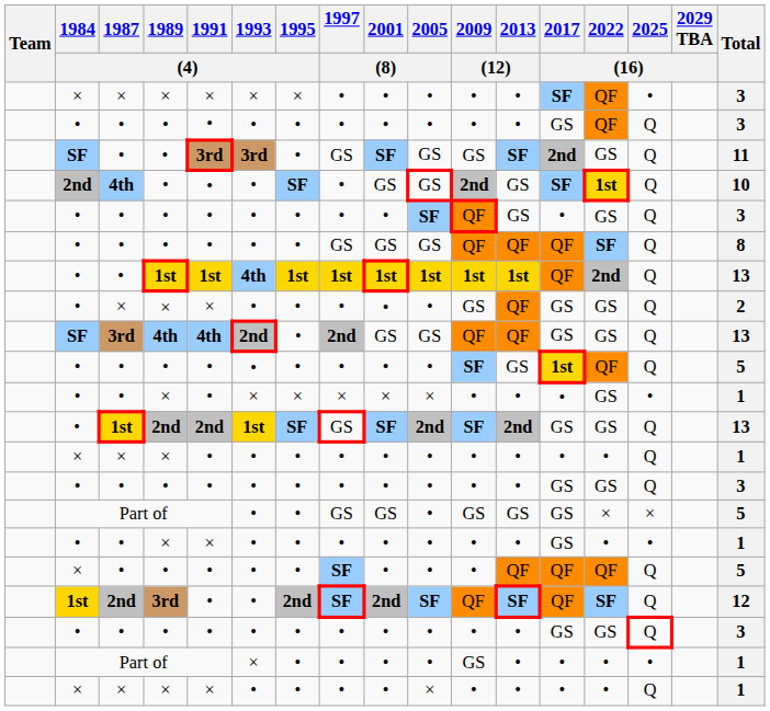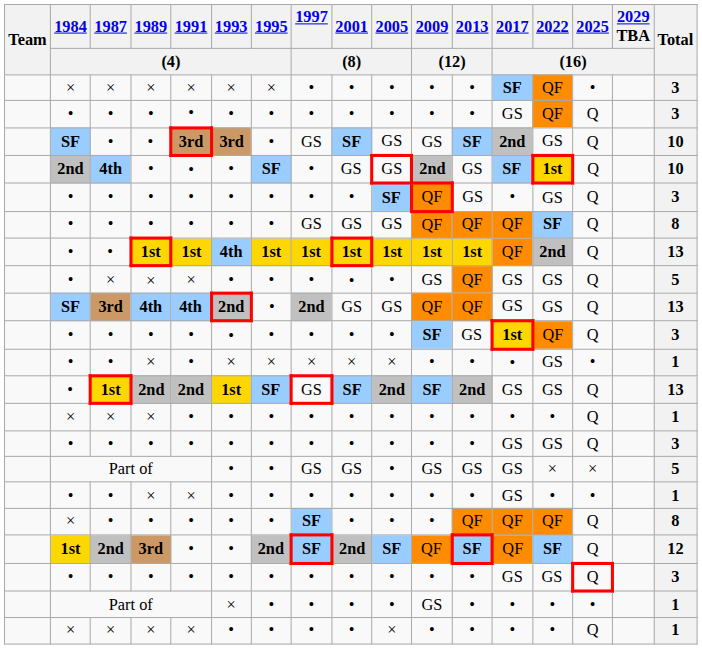 <table class="wikitable" style="text-align:center">
 <tr>
 <th rowspan=2>Team</th>
 <th><a href='#'>1984</a></th>
 <th><a href='#'>1987</a><br> </th>
 <th><a href='#'>1989</a><br> </th>
 <th><a href='#'>1991</a><br> </th>
 <th><a href='#'>1993</a><br> </th>
 <th><a href='#'>1995</a></th>
 <th><a href='#'>1997</a><br> <br></th>
 <th><a href='#'>2001</a><br> </th>
 <th><a href='#'>2005</a><br> </th>
 <th><a href='#'>2009</a><br> </th>
 <th><a href='#'>2013</a><br> </th>
 <th><a href='#'>2017</a><br> </th>
 <th><a href='#'>2022</a><br> </th>
 <th><a href='#'>2025</a><br> </th>
 <th><a href='#'>2029</a><br> TBA</th>
 <th rowspan=2>Total</th>
 </tr>
 <tr>
 <th colspan=6>(4)</th>
 <th colspan=3>(8)</th>
 <th colspan=2>(12)</th>
 <th colspan=4>(16)</th>
 </tr>
 <tr>
 <td align=left></td>
 <td>×</td>
 <td>×</td>
 <td>×</td>
 <td>×</td>
 <td>×</td>
 <td>×</td>
 <td>•</td>
 <td>•</td>
 <td>•</td>
 <td>•</td>
 <td>•</td>
 <td bgcolor=#9acdff><strong>SF</strong></td>
 <td bgcolor=#ff8b00>QF</td>
 <td>•</td>
 <td></td>
 <th>3</th>
 </tr>
 <tr>
 <td align=left></td>
 <td>•</td>
 <td>•</td>
 <td>•</td>
 <td>•</td>
 <td>•</td>
 <td>•</td>
 <td>•</td>
 <td>•</td>
 <td>•</td>
 <td>•</td>
 <td>•</td>
 <td>GS</td>
 <td bgcolor=#ff8b00>QF</td>
 <td>Q</td>
 <td></td>
 <th>3</th>
 </tr>
 <tr>
 <td align=left></td>
 <td bgcolor=#9acdff><strong>SF</strong></td>
 <td>•</td>
 <td>•</td>
 <td style="border:3px solid red" bgcolor=#cc9966><strong>3rd</strong></td>
 <td bgcolor=#cc9966><strong>3rd</strong></td>
 <td>•</td>
 <td>GS</td>
 <td bgcolor=#9acdff><strong>SF</strong></td>
 <td>GS</td>
 <td>GS</td>
 <td bgcolor=#9acdff><strong>SF</strong></td>
 <td bgcolor=Silver><strong>2nd</strong></td>
 <td>GS</td>
 <td>Q</td>
 <td></td>
-<th>11</th>
+<th>10</th>
 </tr>
 <tr>
 <td align=left></td>
 <td bgcolor=Silver><strong>2nd</strong></td>
 <td bgcolor=#9acdff><strong>4th</strong></td>
 <td>•</td>
 <td>•</td>
 <td>•</td>
 <td bgcolor=#9acdff><strong>SF</strong></td>
 <td>•</td>
 <td>GS</td>
 <td style="border:3px solid red">GS</td>
 <td bgcolor=Silver><strong>2nd</strong></td>
 <td>GS</td>
 <td bgcolor=#9acdff><strong>SF</strong></td>
 <td style="border:3px solid red" bgcolor=gold><strong>1st</strong></td>
 <td>Q</td>
 <td></td>
 <th>10</th>
 </tr>
 <tr>
 <td align=left></td>
 <td>•</td>
 <td>•</td>
 <td>•</td>
 <td>•</td>
 <td>•</td>
 <td>•</td>
 <td>•</td>
 <td>•</td>
 <td bgcolor=#9acdff><strong>SF</strong></td>
 <td style="border:3px solid red" bgcolor=#ff8b00>QF</td>
 <td>GS</td>
 <td>•</td>
 <td>GS</td>
 <td>Q</td>
 <td></td>
 <th>3</th>
 </tr>
 <tr>
 <td align=left></td>
 <td>•</td>
 <td>•</td>
 <td>•</td>
 <td>•</td>
 <td>•</td>
 <td>•</td>
 <td>GS</td>
 <td>GS</td>
 <td>GS</td>
 <td bgcolor=#ff8b00>QF</td>
 <td bgcolor=#ff8b00>QF</td>
 <td bgcolor=#ff8b00>QF</td>
 <td bgcolor=#9acdff><strong>SF</strong></td>
 <td>Q</td>
 <td></td>
 <th>8</th>
 </tr>
 <tr>
 <td align=left></td>
 <td>•</td>
 <td>•</td>
 <td style="border:3px solid red" bgcolor=Gold><strong>1st</strong></td>
 <td bgcolor=Gold><strong>1st</strong></td>
 <td bgcolor=#9acdff><strong>4th</strong></td>
 <td bgcolor=Gold><strong>1st</strong></td>
 <td bgcolor=Gold><strong>1st</strong></td>
 <td style="border:3px solid red" bgcolor=Gold><strong>1st</strong></td>
 <td bgcolor=Gold><strong>1st</strong></td>
 <td bgcolor=Gold><strong>1st</strong></td>
 <td bgcolor=Gold><strong>1st</strong></td>
 <td bgcolor=#ff8b00>QF</td>
 <td bgcolor=Silver><strong>2nd</strong></td>
 <td>Q</td>
 <td></td>
 <th>13</th>
 </tr>
 <tr>
 <td align=left></td>
 <td>•</td>
 <td>×</td>
 <td>×</td>
 <td>×</td>
 <td>•</td>
 <td>•</td>
 <td>•</td>
 <td>•</td>
 <td>•</td>
 <td>GS</td>
 <td bgcolor=#ff8b00>QF</td>
 <td>GS</td>
 <td>GS</td>
 <td>Q</td>
 <td></td>
-<th>2</th>
+<th>5</th>
 </tr>
 <tr>
 <td align=left></td>
 <td bgcolor=#9acdff><strong>SF</strong></td>
 <td bgcolor=#cc9966><strong>3rd</strong></td>
 <td bgcolor=#9acdff><strong>4th</strong></td>
 <td bgcolor=#9acdff><strong>4th</strong></td>
 <td style="border:3px solid red" bgcolor=Silver><strong>2nd</strong></td>
 <td>•</td>
 <td bgcolor=Silver><strong>2nd</strong></td>
 <td>GS</td>
 <td>GS</td>
 <td bgcolor=#ff8b00>QF</td>
 <td bgcolor=#ff8b00>QF</td>
 <td>GS</td>
 <td>GS</td>
 <td>Q</td>
 <td></td>
 <th>13</th>
 </tr>
 <tr>
 <td align=left></td>
 <td>•</td>
 <td>•</td>
 <td>•</td>
 <td>•</td>
 <td>•</td>
 <td>•</td>
 <td>•</td>
 <td>•</td>
 <td>•</td>
 <td bgcolor=#9acdff><strong>SF</strong></td>
 <td>GS</td>
 <td style="border:3px solid red" bgcolor=Gold><strong>1st</strong></td>
 <td bgcolor=#ff8b00>QF</td>
 <td>Q</td>
 <td></td>
-<th>5</th>
+<th>3</th>
 </tr>
 <tr>
 <td align=left></td>
 <td>•</td>
 <td>•</td>
 <td>×</td>
 <td>•</td>
 <td>×</td>
 <td>×</td>
 <td>×</td>
 <td>×</td>
 <td>×</td>
 <td>•</td>
 <td>•</td>
 <td>•</td>
 <td>GS</td>
 <td>•</td>
 <td></td>
 <th>1</th>
 </tr>
 <tr>
 <td align=left></td>
 <td>•</td>
 <td style="border:3px solid red" bgcolor=Gold><strong>1st</strong></td>
 <td bgcolor=Silver><strong>2nd</strong></td>
 <td bgcolor=Silver><strong>2nd</strong></td>
 <td bgcolor=Gold><strong>1st</strong></td>
 <td bgcolor=#9acdff><strong>SF</strong></td>
 <td style="border:3px solid red">GS</td>
 <td bgcolor=#9acdff><strong>SF</strong></td>
 <td bgcolor=Silver><strong>2nd</strong></td>
 <td bgcolor=#9acdff><strong>SF</strong></td>
 <td bgcolor=Silver><strong>2nd</strong></td>
 <td>GS</td>
 <td>GS</td>
 <td>Q</td>
 <td></td>
 <th>13</th>
 </tr>
 <tr>
 <td align=left></td>
 <td>×</td>
 <td>×</td>
 <td>×</td>
 <td>•</td>
 <td>•</td>
 <td>•</td>
 <td>•</td>
 <td>•</td>
 <td>•</td>
 <td>•</td>
 <td>•</td>
 <td>•</td>
 <td>•</td>
 <td>Q</td>
 <td></td>
 <th>1</th>
 </tr>
 <tr>
 <td align=left></td>
 <td>•</td>
 <td>•</td>
 <td>•</td>
 <td>•</td>
 <td>•</td>
 <td>•</td>
 <td>•</td>
 <td>•</td>
 <td>•</td>
 <td>•</td>
 <td>•</td>
 <td>GS</td>
 <td>GS</td>
 <td>Q</td>
 <td></td>
 <th>3</th>
 </tr>
 <tr>
 <td align=left></td>
 <td colspan=4>Part of </td>
 <td>•</td>
 <td>•</td>
 <td>GS</td>
 <td>GS</td>
 <td>•</td>
 <td>GS</td>
 <td>GS</td>
 <td>GS</td>
 <td>×</td>
 <td>×</td>
 <td></td>
 <th>5</th>
 </tr>
 <tr>
 <td align=left></td>
 <td>•</td>
 <td>•</td>
 <td>×</td>
 <td>×</td>
 <td>•</td>
 <td>•</td>
 <td>•</td>
 <td>•</td>
 <td>•</td>
 <td>•</td>
 <td>•</td>
 <td>GS</td>
 <td>•</td>
 <td>•</td>
 <td></td>
 <th>1</th>
 </tr>
 <tr>
 <td align=left></td>
 <td>×</td>
 <td>•</td>
 <td>•</td>
 <td>•</td>
 <td>•</td>
 <td>•</td>
 <td bgcolor=#9acdff><strong>SF</strong></td>
 <td>•</td>
 <td>•</td>
 <td>•</td>
 <td bgcolor=#ff8b00>QF</td>
 <td bgcolor=#ff8b00>QF</td>
 <td bgcolor=#ff8b00>QF</td>
 <td>Q</td>
 <td></td>
-<th>5</th>
+<th>8</th>
 </tr>
 <tr>
 <td align=left></td>
 <td bgcolor=Gold><strong>1st</strong></td>
 <td bgcolor=Silver><strong>2nd</strong></td>
 <td bgcolor=#cc9966><strong>3rd</strong></td>
 <td>•</td>
 <td>•</td>
 <td bgcolor=Silver><strong>2nd</strong></td>
 <td style="border:3px solid red" bgcolor=#9acdff><strong>SF</strong></td>
 <td bgcolor=Silver><strong>2nd</strong></td>
 <td bgcolor=#9acdff><strong>SF</strong></td>
 <td bgcolor=#ff8b00>QF</td>
 <td style="border:3px solid red" bgcolor=#9acdff><strong>SF</strong></td>
 <td bgcolor=#ff8b00>QF</td>
 <td bgcolor=#9acdff><strong>SF</strong></td>
 <td>Q</td>
 <td></td>
 <th>12</th>
 </tr>
 <tr>
 <td align=left></td>
 <td>•</td>
 <td>•</td>
 <td>•</td>
 <td>•</td>
 <td>•</td>
 <td>•</td>
 <td>•</td>
 <td>•</td>
 <td>•</td>
 <td>•</td>
 <td>•</td>
 <td>GS</td>
 <td>GS</td>
 <td style="border:3px solid red">Q</td>
 <td></td>
 <th>3</th>
 </tr>
 <tr>
 <td align=left></td>
 <td colspan=4>Part of </td>
 <td>×</td>
 <td>•</td>
 <td>•</td>
 <td>•</td>
 <td>•</td>
 <td>GS</td>
 <td>•</td>
 <td>•</td>
 <td>•</td>
 <td>•</td>
 <td></td>
 <th>1</th>
 </tr>
 <tr>
 <td align=left></td>
 <td>×</td>
 <td>×</td>
 <td>×</td>
 <td>×</td>
 <td>•</td>
 <td>•</td>
 <td>•</td>
 <td>•</td>
 <td>×</td>
 <td>•</td>
 <td>•</td>
 <td>•</td>
 <td>•</td>
 <td>Q</td>
 <td></td>
 <th>1</th>
 </tr>
 </table>
